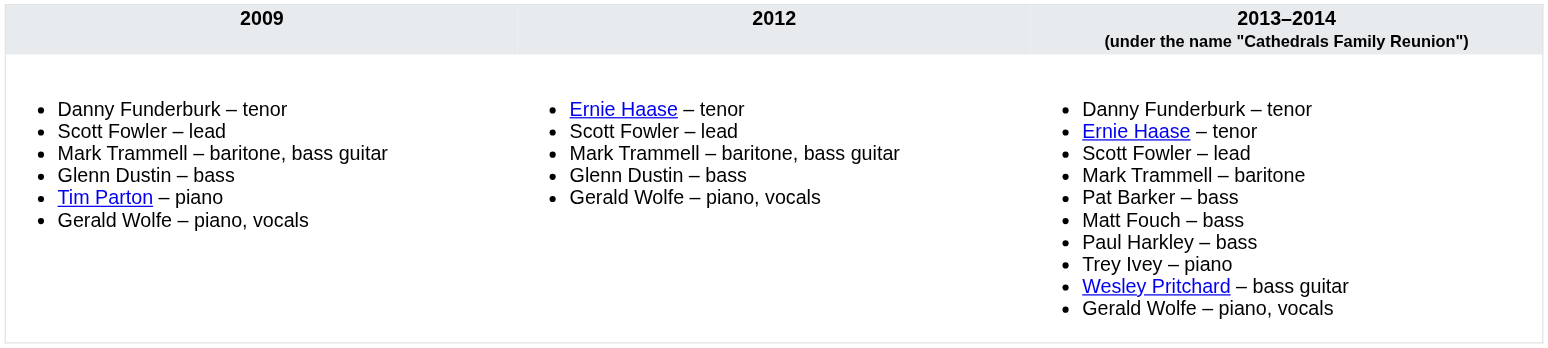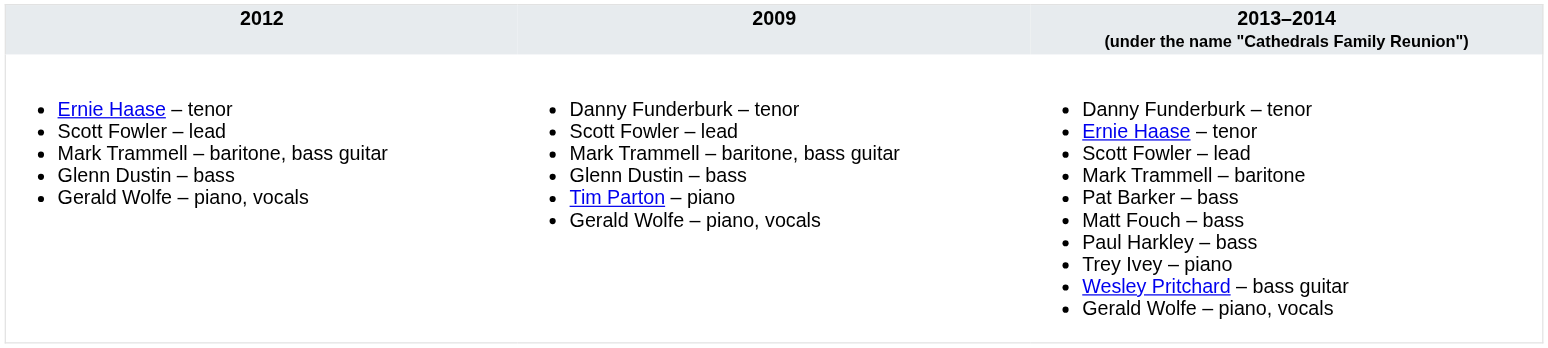 <table class="toccolours" cellspacing="0" cellpadding="2" style="float: width; margin: 0 0 1em 1em; border-collapse: collapse; border: 1px solid #E2E2E2; width:99%; border:1">
 <tr>
+<th width="25%" valign="top" bgcolor="#e7ebee">2012</th>
 <th width="25%" valign="top" bgcolor="#e7ebee">2009</th>
-<th width="25%" valign="top" bgcolor="#e7ebee">2012</th>
 <th width="25%" valign="top" bgcolor="#e7ebee">2013–2014<br><small>(under the name "Cathedrals Family Reunion")</small></th>
 </tr>
 <tr>
+<td valign="top"><br><ul><li><a href='#'>Ernie Haase</a> – tenor</li><li>Scott Fowler – lead</li><li>Mark Trammell – baritone, bass guitar</li><li>Glenn Dustin – bass</li><li>Gerald Wolfe – piano, vocals</li></ul></td>
 <td valign="top"><br><ul><li>Danny Funderburk – tenor</li><li>Scott Fowler – lead</li><li>Mark Trammell – baritone, bass guitar</li><li>Glenn Dustin – bass</li><li><a href='#'>Tim Parton</a> – piano</li><li>Gerald Wolfe – piano, vocals</li></ul></td>
-<td valign="top"><br><ul><li><a href='#'>Ernie Haase</a> – tenor</li><li>Scott Fowler – lead</li><li>Mark Trammell – baritone, bass guitar</li><li>Glenn Dustin – bass</li><li>Gerald Wolfe – piano, vocals</li></ul></td>
 <td valign="top"><br><ul><li>Danny Funderburk – tenor</li><li><a href='#'>Ernie Haase</a> – tenor</li><li>Scott Fowler – lead</li><li>Mark Trammell – baritone</li><li>Pat Barker – bass</li><li>Matt Fouch – bass</li><li>Paul Harkley – bass</li><li>Trey Ivey – piano</li><li><a href='#'>Wesley Pritchard</a> – bass guitar</li><li>Gerald Wolfe – piano, vocals</li></ul></td>
 </tr>
 </table>
